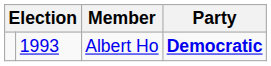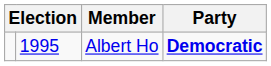 <table class="wikitable">
 <tr>
 <th colspan="2">Election</th>
 <th>Member</th>
 <th>Party</th>
 </tr>
 <tr>
 <td style="background-color: "></td>
-<td><a href='#'>1993</a></td>
+<td><a href='#'>1995</a></td>
 <td><a href='#'>Albert Ho</a></td>
 <td><strong><a href='#'>Democratic</a></strong></td>
 </tr>
 </table>
